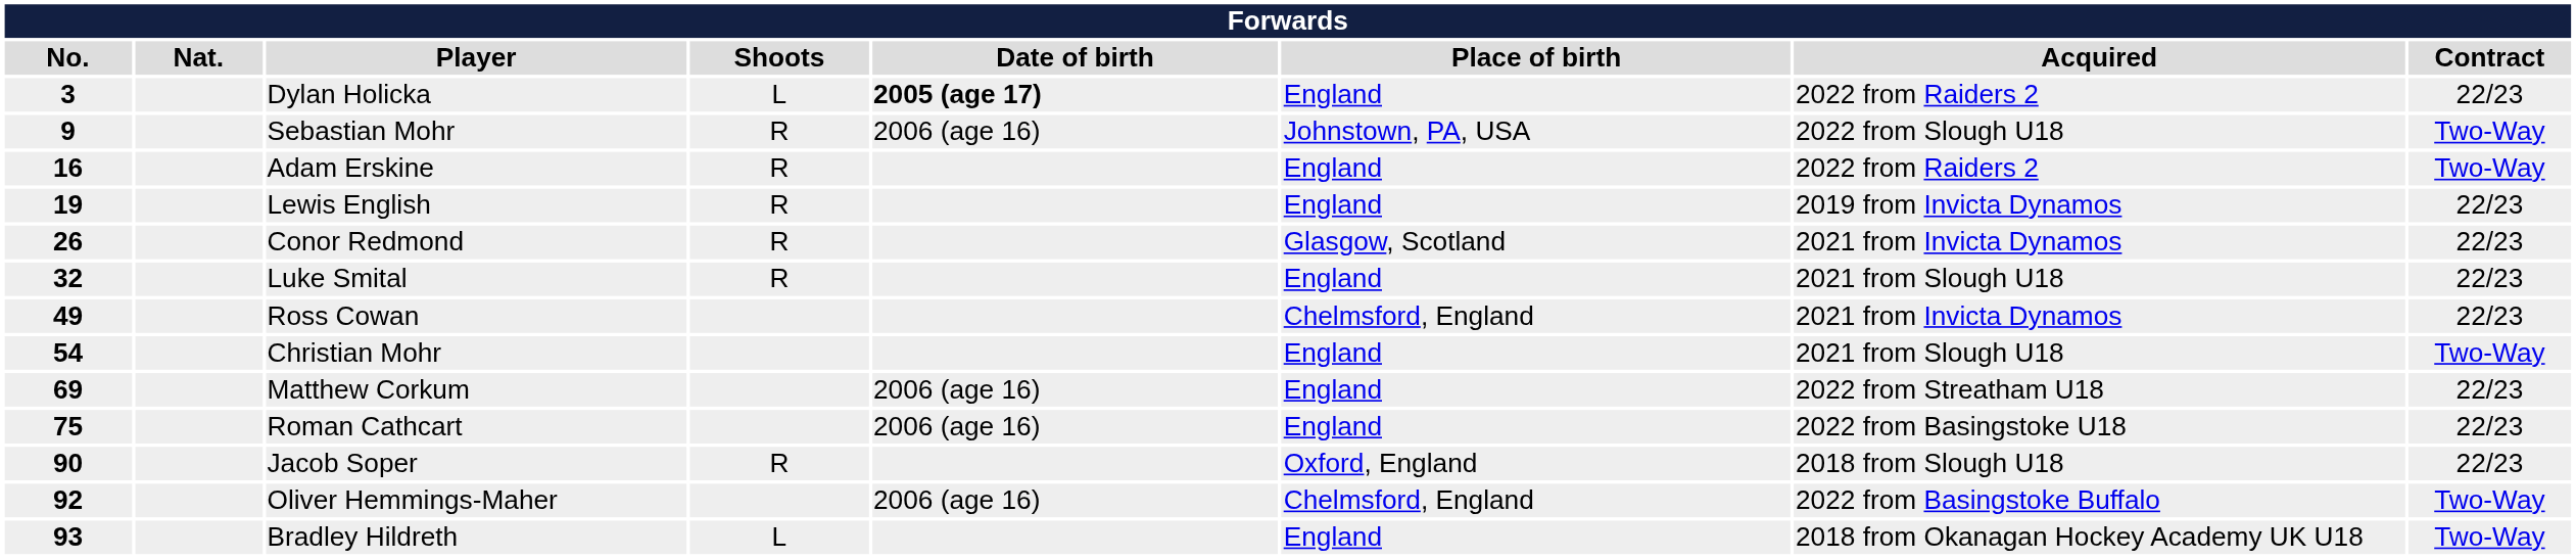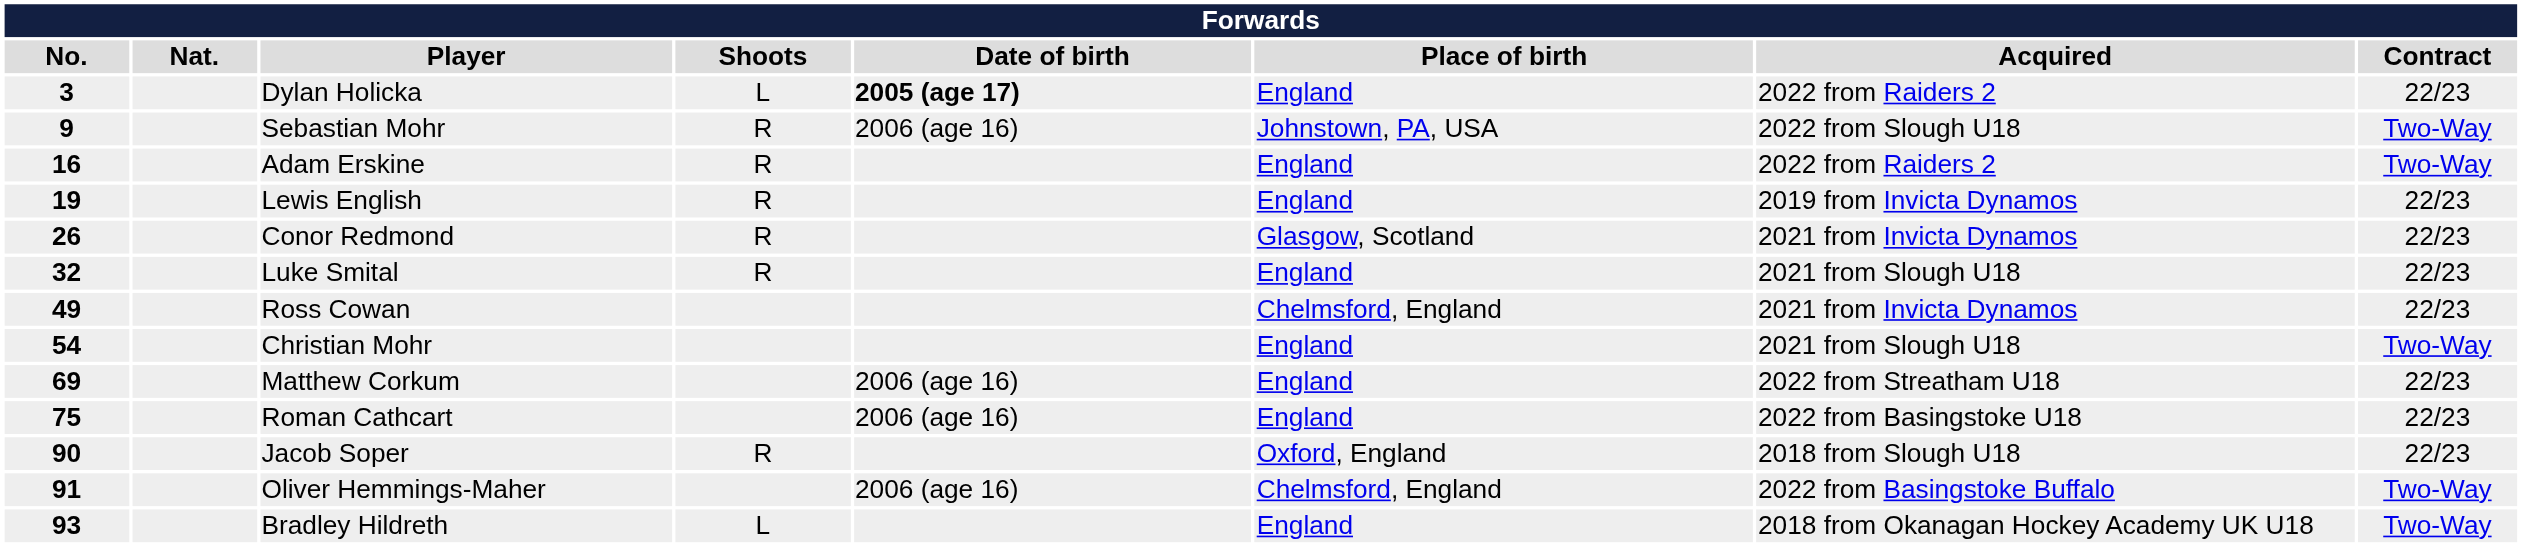 <table class="toccolours"  style="width:97%; clear:both; margin:1.5em auto; text-align:center;">
 <tr style="background:#ddd;">
 <th colspan="11" style="background:#121f42; color:white;”">Forwards</th>
 </tr>
 <tr style="background:#ddd;">
 <th width=5%>No.</th>
 <th width=5%>Nat.</th>
 <th !width=22%>Player</th>
 <th width=7%>Shoots</th>
 <th width=16%>Date of birth</th>
 <th width=20%>Place of birth</th>
 <th width=24%>Acquired</th>
 <td><strong>Contract</strong></td>
 </tr>
 <tr style="background:#eee;">
 <td><strong>3</strong></td>
 <td></td>
 <td align=left>Dylan Holicka</td>
 <td>L</td>
 <td align=left><strong>2005 (age 17)</strong></td>
 <td align=left><a href='#'>England</a></td>
 <td align=left>2022 from <a href='#'>Raiders 2</a></td>
 <td>22/23</td>
 </tr>
 <tr style="background:#eee;">
 <td><strong>9</strong></td>
 <td></td>
 <td align=left>Sebastian Mohr</td>
 <td>R</td>
 <td align=left>2006 (age 16)</td>
 <td align=left><a href='#'>Johnstown</a>, <a href='#'>PA</a>, USA</td>
 <td align=left>2022 from Slough U18</td>
 <td><a href='#'>Two-Way</a></td>
 </tr>
 <tr style="background:#eee;">
 <td><strong>16</strong></td>
 <td></td>
 <td align=left>Adam Erskine</td>
 <td>R</td>
 <td align=left></td>
 <td align=left><a href='#'>England</a></td>
 <td align=left>2022 from <a href='#'>Raiders 2</a></td>
 <td><a href='#'>Two-Way</a></td>
 </tr>
 <tr style="background:#eee;">
 <td><strong>19</strong></td>
 <td></td>
 <td align=left>Lewis English</td>
 <td>R</td>
 <td align=left></td>
 <td align=left><a href='#'>England</a></td>
 <td align=left>2019 from <a href='#'>Invicta Dynamos</a></td>
 <td>22/23</td>
 </tr>
 <tr style="background:#eee;">
 <td><strong>26</strong></td>
 <td></td>
 <td align=left>Conor Redmond</td>
 <td>R</td>
 <td align=left></td>
 <td align=left><a href='#'>Glasgow</a>, Scotland</td>
 <td align=left>2021 from <a href='#'>Invicta Dynamos</a></td>
 <td>22/23</td>
 </tr>
 <tr style="background:#eee;">
 <td><strong>32</strong></td>
 <td></td>
 <td align=left>Luke Smital</td>
 <td>R</td>
 <td align=left></td>
 <td align=left><a href='#'>England</a></td>
 <td align=left>2021 from Slough U18</td>
 <td>22/23</td>
 </tr>
 <tr style="background:#eee;">
 <td><strong>49</strong></td>
 <td></td>
 <td align=left>Ross Cowan</td>
 <td></td>
 <td align=left></td>
 <td align=left><a href='#'>Chelmsford</a>, England</td>
 <td align=left>2021 from <a href='#'>Invicta Dynamos</a></td>
 <td>22/23</td>
 </tr>
 <tr style="background:#eee;">
 <td><strong>54</strong></td>
 <td></td>
 <td align=left>Christian Mohr</td>
 <td></td>
 <td align=left></td>
 <td align=left><a href='#'>England</a></td>
 <td align=left>2021 from Slough U18</td>
 <td><a href='#'>Two-Way</a></td>
 </tr>
 <tr style="background:#eee;">
 <td><strong>69</strong></td>
 <td></td>
 <td align=left>Matthew Corkum</td>
 <td></td>
 <td align=left>2006 (age 16)</td>
 <td align=left><a href='#'>England</a></td>
 <td align=left>2022 from Streatham U18</td>
 <td>22/23</td>
 </tr>
 <tr style="background:#eee;">
 <td><strong>75</strong></td>
 <td></td>
 <td align=left>Roman Cathcart</td>
 <td></td>
 <td align=left>2006 (age 16)</td>
 <td align=left><a href='#'>England</a></td>
 <td align=left>2022 from Basingstoke U18</td>
 <td>22/23</td>
 </tr>
 <tr style="background:#eee;">
 <td><strong>90</strong></td>
 <td></td>
 <td align=left>Jacob Soper</td>
 <td>R</td>
 <td align=left></td>
 <td align=left><a href='#'>Oxford</a>, England</td>
 <td align=left>2018 from Slough U18</td>
 <td>22/23</td>
 </tr>
 <tr style="background:#eee;">
-<td><strong>92</strong></td>
+<td><strong>91</strong></td>
 <td></td>
 <td align=left>Oliver Hemmings-Maher</td>
 <td></td>
 <td align=left>2006 (age 16)</td>
 <td align=left><a href='#'>Chelmsford</a>, England</td>
 <td align=left>2022 from <a href='#'>Basingstoke Buffalo</a></td>
 <td><a href='#'>Two-Way</a></td>
 </tr>
 <tr style="background:#eee;">
 <td><strong>93</strong></td>
 <td></td>
 <td align=left>Bradley Hildreth</td>
 <td>L</td>
 <td align=left></td>
 <td align=left><a href='#'>England</a></td>
 <td align=left>2018 from Okanagan Hockey Academy UK U18</td>
 <td><a href='#'>Two-Way</a></td>
 </tr>
 </table>
